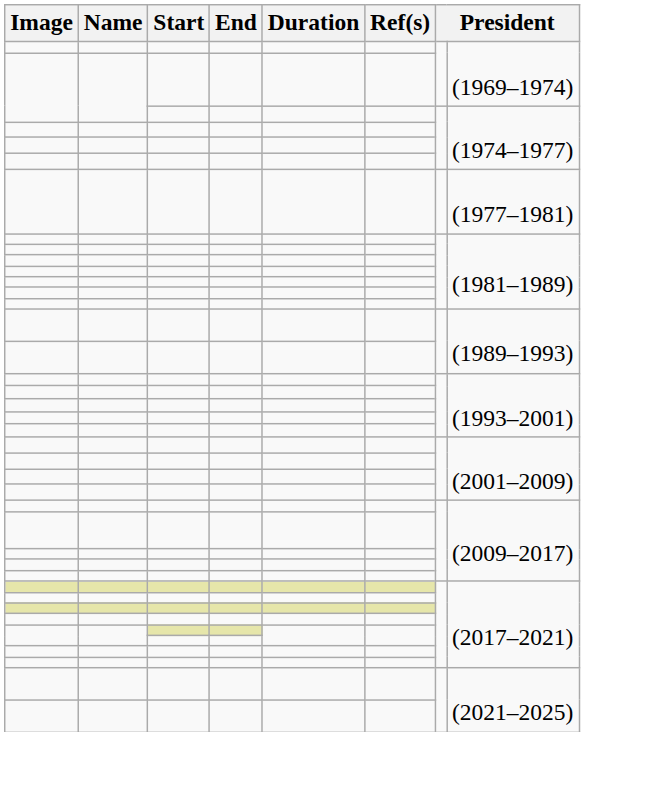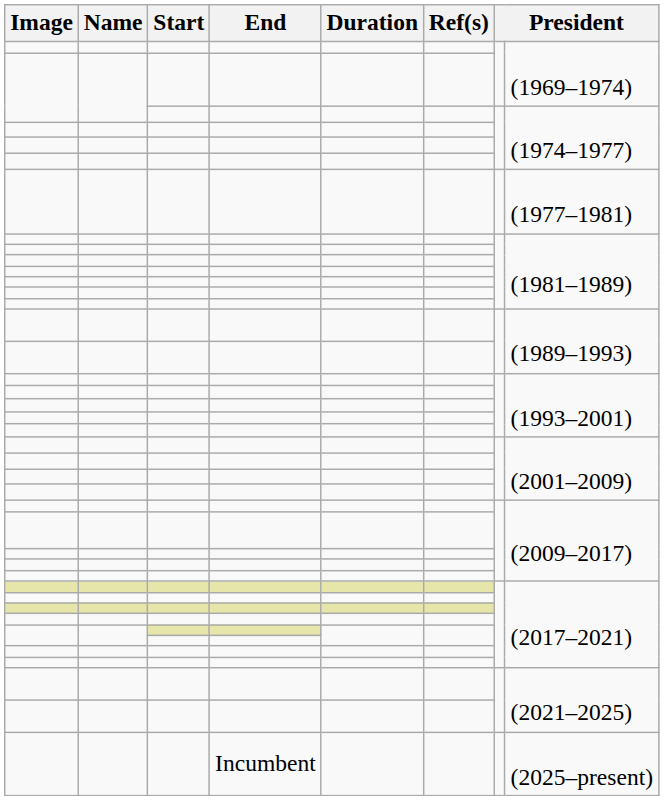 <table class="wikitable sortable">
 <tr>
 <th class=unsortable>Image</th>
 <th>Name</th>
 <th>Start</th>
 <th>End</th>
 <th>Duration</th>
 <th class=unsortable>Ref(s)</th>
 <th colspan=2>President</th>
 </tr>
 <tr>
 <td></td>
 <td></td>
 <td></td>
 <td></td>
 <td></td>
 <td></td>
 <td rowspan=2 style="background: "></td>
 <td rowspan=2><br>(1969–1974)</td>
 </tr>
 <tr>
 <td rowspan=2></td>
 <td rowspan=2></td>
 <td></td>
 <td></td>
 <td></td>
 <td></td>
 </tr>
 <tr>
 <td></td>
 <td></td>
 <td></td>
 <td></td>
 <td rowspan=4 style="background: "></td>
 <td rowspan=4><br>(1974–1977)</td>
 </tr>
 <tr>
 <td></td>
 <td></td>
 <td></td>
 <td></td>
 <td></td>
 <td></td>
 </tr>
 <tr>
 <td></td>
 <td></td>
 <td></td>
 <td></td>
 <td></td>
 <td></td>
 </tr>
 <tr>
 <td></td>
 <td></td>
 <td></td>
 <td></td>
 <td></td>
 <td></td>
 </tr>
 <tr>
 <td></td>
 <td></td>
 <td></td>
 <td></td>
 <td></td>
 <td></td>
 <td style="background: "></td>
 <td><br>(1977–1981)</td>
 </tr>
 <tr>
 <td></td>
 <td></td>
 <td></td>
 <td></td>
 <td></td>
 <td></td>
 <td rowspan=7 style="background: "></td>
 <td rowspan=7><br>(1981–1989)</td>
 </tr>
 <tr>
 <td></td>
 <td></td>
 <td></td>
 <td></td>
 <td></td>
 <td></td>
 </tr>
 <tr>
 <td></td>
 <td></td>
 <td></td>
 <td></td>
 <td></td>
 <td></td>
 </tr>
 <tr>
 <td></td>
 <td></td>
 <td></td>
 <td></td>
 <td></td>
 <td></td>
 </tr>
 <tr>
 <td></td>
 <td></td>
 <td></td>
 <td></td>
 <td></td>
 <td></td>
 </tr>
 <tr>
 <td></td>
 <td></td>
 <td></td>
 <td></td>
 <td></td>
 <td></td>
 </tr>
 <tr>
 <td></td>
 <td></td>
 <td></td>
 <td></td>
 <td></td>
 <td></td>
 </tr>
 <tr>
 <td></td>
 <td></td>
 <td></td>
 <td></td>
 <td></td>
 <td></td>
 <td rowspan=2 style="background: "></td>
 <td rowspan=2><br>(1989–1993)</td>
 </tr>
 <tr>
 <td></td>
 <td></td>
 <td></td>
 <td></td>
 <td></td>
 <td></td>
 </tr>
 <tr>
 <td></td>
 <td></td>
 <td></td>
 <td></td>
 <td></td>
 <td></td>
 <td rowspan=5 style="background: "></td>
 <td rowspan=5><br>(1993–2001)</td>
 </tr>
 <tr>
 <td></td>
 <td></td>
 <td></td>
 <td></td>
 <td></td>
 <td></td>
 </tr>
 <tr>
 <td></td>
 <td></td>
 <td></td>
 <td></td>
 <td></td>
 <td></td>
 </tr>
 <tr>
 <td></td>
 <td></td>
 <td></td>
 <td></td>
 <td></td>
 <td></td>
 </tr>
 <tr>
 <td></td>
 <td></td>
 <td></td>
 <td></td>
 <td></td>
 <td></td>
 </tr>
 <tr>
 <td></td>
 <td></td>
 <td></td>
 <td></td>
 <td></td>
 <td></td>
 <td rowspan=4 style="background: "></td>
 <td rowspan=4><br>(2001–2009)</td>
 </tr>
 <tr>
 <td></td>
 <td></td>
 <td></td>
 <td></td>
 <td></td>
 <td></td>
 </tr>
 <tr>
 <td></td>
 <td></td>
 <td></td>
 <td></td>
 <td></td>
 <td></td>
 </tr>
 <tr>
 <td></td>
 <td></td>
 <td></td>
 <td></td>
 <td></td>
 <td></td>
 </tr>
 <tr>
 <td></td>
 <td></td>
 <td></td>
 <td></td>
 <td></td>
 <td></td>
 <td rowspan=5 style="background: "></td>
 <td rowspan=5><br>(2009–2017)</td>
 </tr>
 <tr>
 <td></td>
 <td></td>
 <td></td>
 <td></td>
 <td></td>
 <td><br></td>
 </tr>
 <tr>
 <td></td>
 <td></td>
 <td></td>
 <td></td>
 <td></td>
 <td></td>
 </tr>
 <tr>
 <td></td>
 <td></td>
 <td></td>
 <td></td>
 <td></td>
 <td></td>
 </tr>
 <tr>
 <td></td>
 <td></td>
 <td></td>
 <td></td>
 <td></td>
 <td></td>
 </tr>
 <tr>
 <td style="background-color:#E6E6AA;"></td>
 <td style="background-color:#E6E6AA;"></td>
 <td style="background-color:#E6E6AA;"></td>
 <td style="background-color:#E6E6AA;"></td>
 <td style="background-color:#E6E6AA;"></td>
 <td style="background-color:#E6E6AA;"></td>
 <td rowspan=8 style="background: "></td>
 <td rowspan=8><br>(2017–2021)</td>
 </tr>
 <tr>
 <td></td>
 <td></td>
 <td></td>
 <td></td>
 <td></td>
 <td></td>
 </tr>
 <tr bgcolor="#e6e6aa">
 <td></td>
 <td></td>
 <td></td>
 <td></td>
 <td></td>
 <td></td>
 </tr>
 <tr>
 <td></td>
 <td></td>
 <td></td>
 <td></td>
 <td></td>
 <td></td>
 </tr>
 <tr>
 <td rowspan=2></td>
 <td rowspan=2></td>
 <td style="background-color:#E6E6AA;"></td>
 <td style="background-color:#E6E6AA;"></td>
 <td rowspan=2></td>
 <td rowspan=2></td>
 </tr>
 <tr>
 <td></td>
 <td></td>
 </tr>
 <tr>
 <td></td>
 <td></td>
 <td></td>
 <td></td>
 <td></td>
 <td></td>
 </tr>
 <tr>
 <td></td>
 <td></td>
 <td></td>
 <td></td>
 <td></td>
 <td></td>
 </tr>
 <tr>
 <td></td>
 <td></td>
 <td></td>
 <td></td>
 <td></td>
 <td></td>
 <td rowspan=2 style="background: "></td>
 <td rowspan=2><br>(2021–2025)</td>
 </tr>
 <tr>
 <td></td>
 <td></td>
 <td></td>
 <td></td>
 <td></td>
 <td></td>
 </tr>
+<tr>
+<td></td>
+<td></td>
+<td></td>
+<td>Incumbent</td>
+<td></td>
+<td></td>
+<td style="background: "></td>
+<td><br>(2025–present)</td>
+</tr>
 </table>
